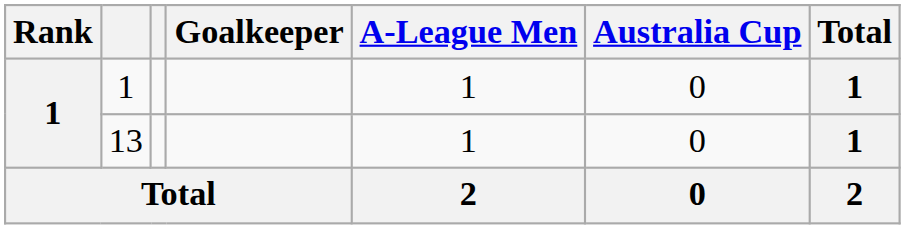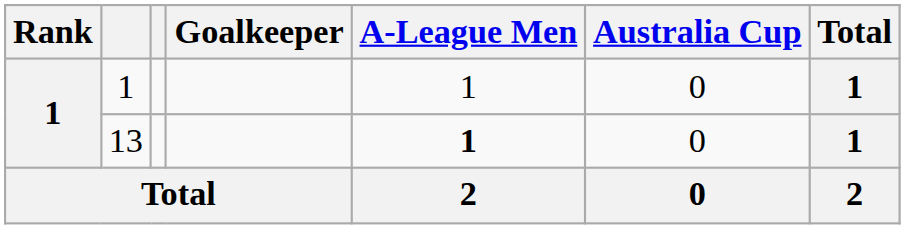 <table class="wikitable" style="text-align:center">
 <tr>
 <th>Rank</th>
 <th></th>
 <th></th>
 <th>Goalkeeper</th>
 <th><a href='#'>A-League Men</a></th>
 <th><a href='#'>Australia Cup</a></th>
 <th>Total</th>
 </tr>
 <tr>
 <th rowspan="2">1</th>
 <td>1</td>
 <td></td>
 <td align="left"></td>
 <td>1</td>
 <td>0</td>
 <th>1</th>
 </tr>
 <tr>
 <td>13</td>
 <td></td>
 <td align="left"></td>
-<td>1</td>
+<td><strong>1</strong></td>
 <td>0</td>
 <th>1</th>
 </tr>
 <tr>
 <th colspan="4">Total</th>
 <th>2</th>
 <th>0</th>
 <th>2</th>
 </tr>
 </table>
